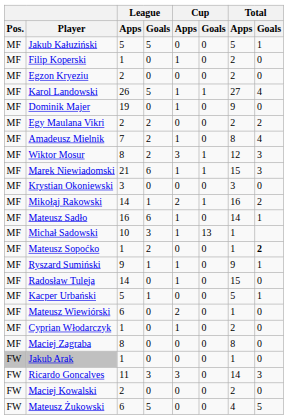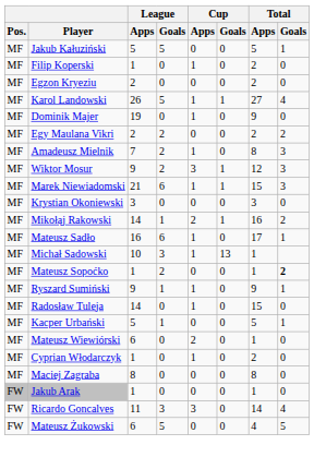 <table class="wikitable" style="display: inline-table;">
 <tr>
 <th colspan="2"></th>
 <th colspan="2">League</th>
 <th colspan="2">Cup</th>
 <th colspan="2">Total</th>
 </tr>
 <tr>
 <th>Pos.</th>
 <th>Player</th>
 <th>Apps</th>
 <th>Goals</th>
 <th>Apps</th>
 <th>Goals</th>
 <th>Apps</th>
 <th>Goals</th>
 </tr>
 <tr>
 <td>MF</td>
 <td><a href='#'>Jakub Kałuziński</a></td>
 <td>5</td>
 <td>5</td>
 <td>0</td>
 <td>0</td>
 <td>5</td>
 <td>1</td>
 </tr>
 <tr>
 <td>MF</td>
 <td><a href='#'>Filip Koperski</a></td>
 <td>1</td>
 <td>0</td>
 <td>1</td>
 <td>0</td>
 <td>2</td>
 <td>0</td>
 </tr>
 <tr>
 <td>MF</td>
 <td><a href='#'>Egzon Kryeziu</a></td>
 <td>2</td>
 <td>0</td>
 <td>0</td>
 <td>0</td>
 <td>2</td>
 <td>0</td>
 </tr>
 <tr>
 <td>MF</td>
 <td><a href='#'>Karol Landowski</a></td>
 <td>26</td>
 <td>5</td>
 <td>1</td>
 <td>1</td>
 <td>27</td>
 <td>4</td>
 </tr>
 <tr>
 <td>MF</td>
 <td><a href='#'>Dominik Majer</a></td>
 <td>19</td>
 <td>0</td>
 <td>1</td>
 <td>0</td>
 <td>9</td>
 <td>0</td>
 </tr>
 <tr>
 <td>MF</td>
 <td><a href='#'>Egy Maulana Vikri</a></td>
 <td>2</td>
 <td>2</td>
 <td>0</td>
 <td>0</td>
 <td>2</td>
 <td>2</td>
 </tr>
 <tr>
 <td>MF</td>
 <td><a href='#'>Amadeusz Mielnik</a></td>
 <td>7</td>
 <td>2</td>
 <td>1</td>
 <td>0</td>
 <td>8</td>
-<td>4</td>
+<td>3</td>
 </tr>
 <tr>
 <td>MF</td>
 <td><a href='#'>Wiktor Mosur</a></td>
-<td>8</td>
+<td>9</td>
 <td>2</td>
 <td>3</td>
 <td>1</td>
 <td>12</td>
 <td>3</td>
 </tr>
 <tr>
 <td>MF</td>
 <td><a href='#'>Marek Niewiadomski</a></td>
 <td>21</td>
 <td>6</td>
 <td>1</td>
 <td>1</td>
 <td>15</td>
 <td>3</td>
 </tr>
 <tr>
 <td>MF</td>
 <td><a href='#'>Krystian Okoniewski</a></td>
 <td>3</td>
 <td>0</td>
 <td>0</td>
 <td>0</td>
 <td>3</td>
 <td>0</td>
 </tr>
 <tr>
 <td>MF</td>
 <td><a href='#'>Mikołąj Rakowski</a></td>
 <td>14</td>
 <td>1</td>
 <td>2</td>
 <td>1</td>
 <td>16</td>
 <td>2</td>
 </tr>
 <tr>
 <td>MF</td>
 <td><a href='#'>Mateusz Sadło</a></td>
 <td>16</td>
 <td>6</td>
 <td>1</td>
 <td>0</td>
-<td>14</td>
+<td>17</td>
 <td>1</td>
 </tr>
 <tr>
 <td>MF</td>
 <td><a href='#'>Michał Sadowski</a></td>
 <td>10</td>
 <td 0>3</td>
 <td>1</td>
 <td>13</td>
 <td>1</td>
 </tr>
 <tr>
 <td>MF</td>
 <td><a href='#'>Mateusz Sopoćko</a></td>
 <td>1</td>
 <td>2</td>
 <td>0</td>
 <td>0</td>
 <td>1</td>
 <td><strong>2</strong></td>
 </tr>
 <tr>
 <td>MF</td>
 <td><a href='#'>Ryszard Sumiński</a></td>
 <td>9</td>
 <td>1</td>
 <td>1</td>
 <td>0</td>
 <td>9</td>
 <td>1</td>
 </tr>
 <tr>
 <td>MF</td>
 <td><a href='#'>Radosław Tuleja</a></td>
 <td>14</td>
 <td>0</td>
 <td>1</td>
 <td>0</td>
 <td>15</td>
 <td>0</td>
 </tr>
 <tr>
 <td>MF</td>
 <td><a href='#'>Kacper Urbański</a></td>
 <td>5</td>
 <td>1</td>
 <td>0</td>
 <td>0</td>
 <td>5</td>
 <td>1</td>
 </tr>
 <tr>
 <td>MF</td>
 <td><a href='#'>Mateusz Wiewiórski</a></td>
 <td>6</td>
 <td>0</td>
 <td>2</td>
 <td>0</td>
 <td>1</td>
 <td>0</td>
 </tr>
 <tr>
 <td>MF</td>
 <td><a href='#'>Cyprian Włodarczyk</a></td>
 <td>1</td>
 <td>0</td>
 <td>1</td>
 <td>0</td>
 <td>2</td>
 <td>0</td>
 </tr>
 <tr>
 <td>MF</td>
 <td><a href='#'>Maciej Zagraba</a></td>
 <td>8</td>
 <td>0</td>
 <td>0</td>
 <td>0</td>
 <td>8</td>
 <td>0</td>
 </tr>
 <tr>
 <td bgcolor=silver >FW</td>
 <td bgcolor=silver ><a href='#'>Jakub Arak</a></td>
 <td>1</td>
 <td>0</td>
 <td>0</td>
 <td>0</td>
 <td>1</td>
 <td>0</td>
 </tr>
 <tr>
 <td>FW</td>
 <td><a href='#'>Ricardo Goncalves</a></td>
 <td>11</td>
 <td>3</td>
 <td>3</td>
 <td>0</td>
 <td>14</td>
-<td>3</td>
-</tr>
-<tr>
-<td>FW</td>
-<td><a href='#'>Maciej Kowalski</a></td>
-<td>2</td>
-<td>0</td>
-<td>0</td>
-<td>0</td>
-<td>2</td>
-<td>0</td>
+<td>4</td>
 </tr>
 <tr>
 <td>FW</td>
 <td><a href='#'>Mateusz Żukowski</a></td>
 <td>6</td>
 <td>5</td>
 <td>0</td>
 <td>0</td>
 <td>4</td>
 <td>5</td>
 </tr>
 </table>
